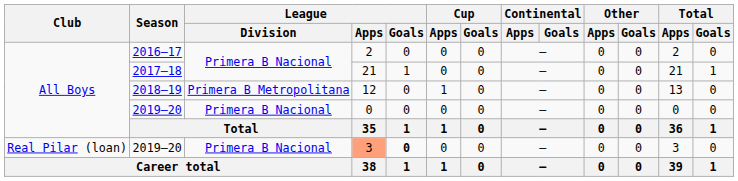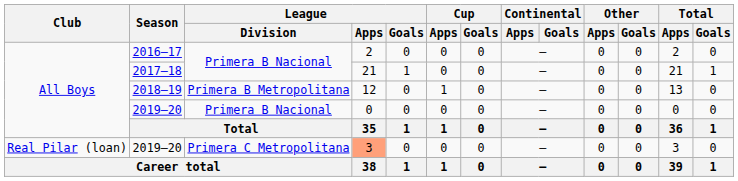 <table class="wikitable" style="text-align:center">
 <tr>
 <th rowspan="2">Club</th>
 <th rowspan="2">Season</th>
 <th colspan="3">League</th>
 <th colspan="2">Cup</th>
 <th colspan="2">Continental</th>
 <th colspan="2">Other</th>
 <th colspan="2">Total</th>
 </tr>
 <tr>
 <th>Division</th>
 <th>Apps</th>
 <th>Goals</th>
 <th>Apps</th>
 <th>Goals</th>
 <th>Apps</th>
 <th>Goals</th>
 <th>Apps</th>
 <th>Goals</th>
 <th>Apps</th>
 <th>Goals</th>
 </tr>
 <tr>
 <td rowspan="5"><a href='#'>All Boys</a></td>
 <td><a href='#'>2016–17</a></td>
 <td rowspan="2"><a href='#'>Primera B Nacional</a></td>
 <td>2</td>
 <td>0</td>
 <td>0</td>
 <td>0</td>
 <td colspan="2">—</td>
 <td>0</td>
 <td>0</td>
 <td>2</td>
 <td>0</td>
 </tr>
 <tr>
 <td><a href='#'>2017–18</a></td>
 <td>21</td>
 <td>1</td>
 <td>0</td>
 <td>0</td>
 <td colspan="2">—</td>
 <td>0</td>
 <td>0</td>
 <td>21</td>
 <td>1</td>
 </tr>
 <tr>
 <td><a href='#'>2018–19</a></td>
 <td rowspan="1"><a href='#'>Primera B Metropolitana</a></td>
 <td>12</td>
 <td>0</td>
 <td>1</td>
 <td>0</td>
 <td colspan="2">—</td>
 <td>0</td>
 <td>0</td>
 <td>13</td>
 <td>0</td>
 </tr>
 <tr>
 <td><a href='#'>2019–20</a></td>
 <td rowspan="1"><a href='#'>Primera B Nacional</a></td>
 <td>0</td>
 <td>0</td>
 <td>0</td>
 <td>0</td>
 <td colspan="2">—</td>
 <td>0</td>
 <td>0</td>
 <td>0</td>
 <td>0</td>
 </tr>
 <tr>
 <th colspan="2">Total</th>
 <th>35</th>
 <th>1</th>
 <th>1</th>
 <th>0</th>
 <th colspan="2">—</th>
 <th>0</th>
 <th>0</th>
 <th>36</th>
 <th>1</th>
 </tr>
 <tr>
 <td rowspan="1"><a href='#'>Real Pilar</a> (loan)</td>
 <td>2019–20</td>
-<td rowspan="1"><a href='#'>Primera B Nacional</a></td>
+<td rowspan="1"><a href='#'>Primera C Metropolitana</a></td>
 <td style="background: lightsalmon;">3</td>
-<td><strong>0</strong></td>
+<td>0</td>
 <td>0</td>
 <td>0</td>
 <td colspan="2">—</td>
 <td>0</td>
 <td>0</td>
 <td>3</td>
 <td>0</td>
 </tr>
 <tr>
 <th colspan="3">Career total</th>
 <th>38</th>
 <th>1</th>
 <th>1</th>
 <th>0</th>
 <th colspan="2">—</th>
 <th>0</th>
 <th>0</th>
 <th>39</th>
 <th>1</th>
 </tr>
 </table>
